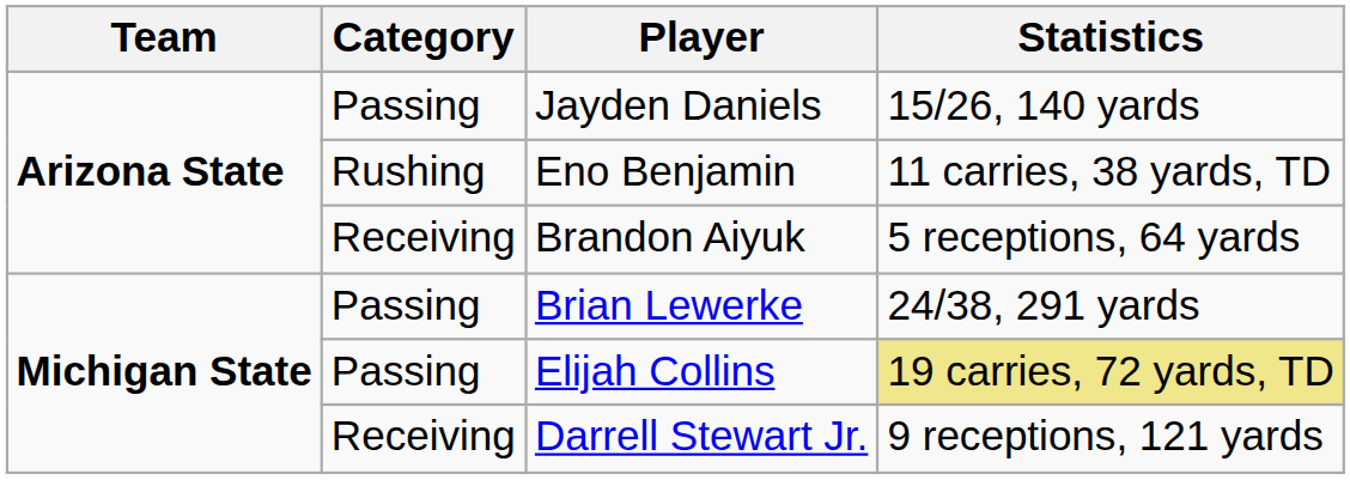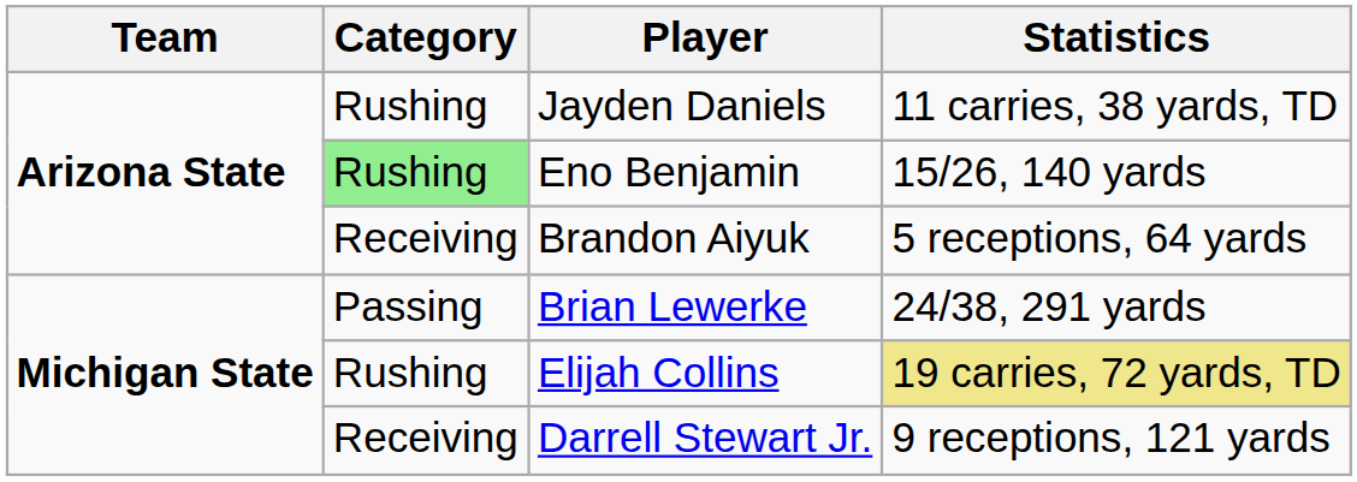 <table class="wikitable" style="float: right;">
 <tr>
 <th>Team</th>
 <th>Category</th>
 <th>Player</th>
 <th>Statistics</th>
 </tr>
 <tr>
 <td rowspan=3><strong>Arizona State</strong></td>
-<td>Passing</td>
+<td>Rushing</td>
 <td>Jayden Daniels</td>
-<td>15/26, 140 yards</td>
+<td>11 carries, 38 yards, TD</td>
 </tr>
 <tr>
-<td>Rushing</td>
+<td style="background: lightgreen;">Rushing</td>
 <td>Eno Benjamin</td>
-<td>11 carries, 38 yards, TD</td>
+<td>15/26, 140 yards</td>
 </tr>
 <tr>
 <td>Receiving</td>
 <td>Brandon Aiyuk</td>
 <td>5 receptions, 64 yards</td>
 </tr>
 <tr>
 <td rowspan=3><strong>Michigan State</strong></td>
 <td>Passing</td>
 <td><a href='#'>Brian Lewerke</a></td>
 <td>24/38, 291 yards</td>
 </tr>
 <tr>
-<td>Passing</td>
+<td>Rushing</td>
 <td><a href='#'>Elijah Collins</a></td>
 <td style="background: khaki;">19 carries, 72 yards, TD</td>
 </tr>
 <tr>
 <td>Receiving</td>
 <td><a href='#'>Darrell Stewart Jr.</a></td>
 <td>9 receptions, 121 yards</td>
 </tr>
 </table>
